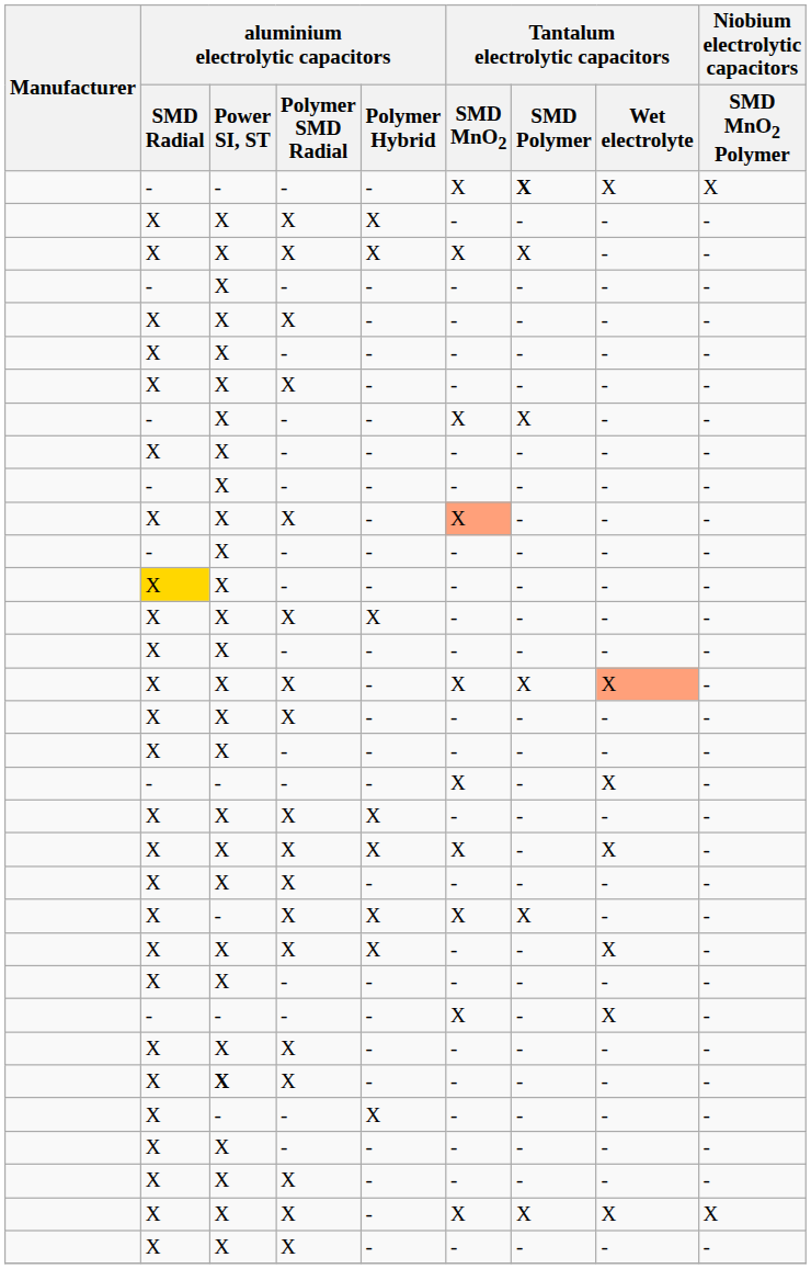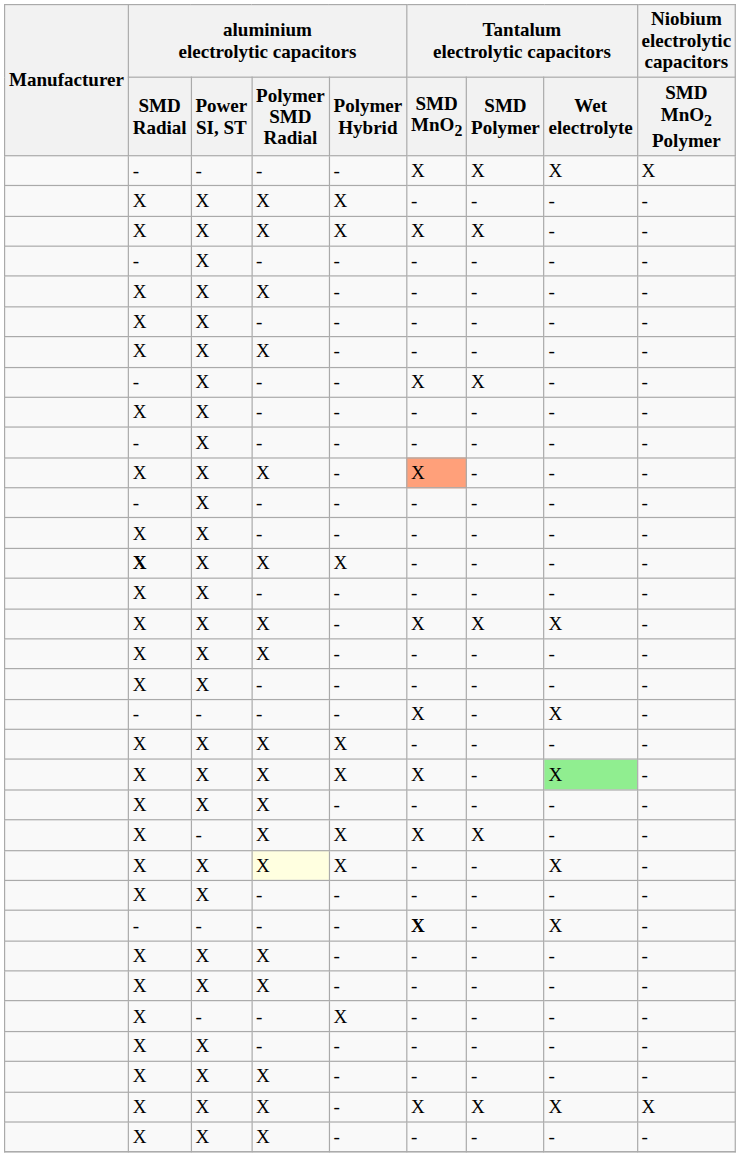 <table class="wikitable">
 <tr class="hintergrundfarbe6" style="text-align:center">
 <th rowspan="2">Manufacturer</th>
 <th colspan="4">aluminium<br> electrolytic capacitors</th>
 <th colspan="3">Tantalum <br> electrolytic capacitors</th>
 <th colspan="1">Niobium <br> electrolytic <br>capacitors</th>
 </tr>
 <tr class="hintergrundfarbe6" style="text-align:center">
 <th>SMD<br>Radial</th>
 <th>Power<br>SI, ST</th>
 <th>Polymer<br>SMD<br>Radial</th>
 <th>Polymer<br>Hybrid</th>
 <th>SMD<br>MnO<sub>2</sub></th>
 <th>SMD<br>Polymer</th>
 <th>Wet<br>electrolyte</th>
 <th>SMD<br> MnO<sub>2</sub><br>Polymer</th>
 </tr>
 <tr>
 <td style="text-align:left"></td>
 <td>-</td>
 <td>-</td>
 <td>-</td>
 <td>-</td>
 <td>X</td>
-<td><strong>X</strong></td>
+<td>X</td>
 <td>X</td>
 <td>X</td>
 </tr>
 <tr>
 <td style="text-align:left"></td>
 <td>X</td>
 <td>X</td>
 <td>X</td>
 <td>X</td>
 <td>-</td>
 <td>-</td>
 <td>-</td>
 <td>-</td>
 </tr>
 <tr>
 <td style="text-align:left"></td>
 <td>X</td>
 <td>X</td>
 <td>X</td>
 <td>X</td>
 <td>X</td>
 <td>X</td>
 <td>-</td>
 <td>-</td>
 </tr>
 <tr>
 <td style="text-align:left"></td>
 <td>-</td>
 <td>X</td>
 <td>-</td>
 <td>-</td>
 <td>-</td>
 <td>-</td>
 <td>-</td>
 <td>-</td>
 </tr>
 <tr>
 <td></td>
 <td>X</td>
 <td>X</td>
 <td>X</td>
 <td>-</td>
 <td>-</td>
 <td>-</td>
 <td>-</td>
 <td>-</td>
 </tr>
 <tr>
 <td style="text-align:left"> </td>
 <td>X</td>
 <td>X</td>
 <td>-</td>
 <td>-</td>
 <td>-</td>
 <td>-</td>
 <td>-</td>
 <td>-</td>
 </tr>
 <tr>
 <td style="text-align:left"> </td>
 <td>X</td>
 <td>X</td>
 <td>X</td>
 <td>-</td>
 <td>-</td>
 <td>-</td>
 <td>-</td>
 <td>-</td>
 </tr>
 <tr>
 <td style="text-align:left"></td>
 <td>-</td>
 <td>X</td>
 <td>-</td>
 <td>-</td>
 <td>X</td>
 <td>X</td>
 <td>-</td>
 <td>-</td>
 </tr>
 <tr>
 <td style="text-align:left"></td>
 <td>X</td>
 <td>X</td>
 <td>-</td>
 <td>-</td>
 <td>-</td>
 <td>-</td>
 <td>-</td>
 <td>-</td>
 </tr>
 <tr>
 <td style="text-align:left"></td>
 <td>-</td>
 <td>X</td>
 <td>-</td>
 <td>-</td>
 <td>-</td>
 <td>-</td>
 <td>-</td>
 <td>-</td>
 </tr>
 <tr>
 <td style="text-align:left"></td>
 <td>X</td>
 <td>X</td>
 <td>X</td>
 <td>-</td>
 <td style="background: lightsalmon;">X</td>
 <td>-</td>
 <td>-</td>
 <td>-</td>
 </tr>
 <tr>
 <td style="text-align:left"></td>
 <td>-</td>
 <td>X</td>
 <td>-</td>
 <td>-</td>
 <td>-</td>
 <td>-</td>
 <td>-</td>
 <td>-</td>
 </tr>
 <tr>
 <td style="text-align:left"></td>
-<td style="background: gold;">X</td>
+<td>X</td>
 <td>X</td>
 <td>-</td>
 <td>-</td>
 <td>-</td>
 <td>-</td>
 <td>-</td>
 <td>-</td>
 </tr>
 <tr>
 <td style="text-align:left"></td>
-<td>X</td>
+<td><strong>X</strong></td>
 <td>X</td>
 <td>X</td>
 <td>X</td>
 <td>-</td>
 <td>-</td>
 <td>-</td>
 <td>-</td>
 </tr>
 <tr>
 <td style="text-align:left"></td>
 <td>X</td>
 <td>X</td>
 <td>-</td>
 <td>-</td>
 <td>-</td>
 <td>-</td>
 <td>-</td>
 <td>-</td>
 </tr>
 <tr>
 <td style="text-align:left"> </td>
 <td>X</td>
 <td>X</td>
 <td>X</td>
 <td>-</td>
 <td>X</td>
 <td>X</td>
-<td style="background: lightsalmon;">X</td>
+<td>X</td>
 <td>-</td>
 </tr>
 <tr>
 <td style="text-align:left"></td>
 <td>X</td>
 <td>X</td>
 <td>X</td>
 <td>-</td>
 <td>-</td>
 <td>-</td>
 <td>-</td>
 <td>-</td>
 </tr>
 <tr>
 <td style="text-align:left"></td>
 <td>X</td>
 <td>X</td>
 <td>-</td>
 <td>-</td>
 <td>-</td>
 <td>-</td>
 <td>-</td>
 <td>-</td>
 </tr>
 <tr>
 <td style="text-align:left"></td>
 <td>-</td>
 <td>-</td>
 <td>-</td>
 <td>-</td>
 <td>X</td>
 <td>-</td>
 <td>X</td>
 <td>-</td>
 </tr>
 <tr>
 <td style="text-align:left"></td>
 <td>X</td>
 <td>X</td>
 <td>X</td>
 <td>X</td>
 <td>-</td>
 <td>-</td>
 <td>-</td>
 <td>-</td>
 </tr>
 <tr>
 <td style="text-align:left"> </td>
 <td>X</td>
 <td>X</td>
 <td>X</td>
 <td>X</td>
 <td>X</td>
 <td>-</td>
-<td>X</td>
+<td style="background: lightgreen;">X</td>
 <td>-</td>
 </tr>
 <tr>
 <td style="text-align:left"> </td>
 <td>X</td>
 <td>X</td>
 <td>X</td>
 <td>-</td>
 <td>-</td>
 <td>-</td>
 <td>-</td>
 <td>-</td>
 </tr>
 <tr>
 <td></td>
 <td>X</td>
 <td>-</td>
 <td>X</td>
 <td>X</td>
 <td>X</td>
 <td>X</td>
 <td>-</td>
 <td>-</td>
 </tr>
 <tr>
 <td style="text-align:left"></td>
 <td>X</td>
 <td>X</td>
-<td>X</td>
+<td style="background: lightyellow;">X</td>
 <td>X</td>
 <td>-</td>
 <td>-</td>
 <td>X</td>
 <td>-</td>
 </tr>
 <tr>
 <td style="text-align:left"></td>
 <td>X</td>
 <td>X</td>
 <td>-</td>
 <td>-</td>
 <td>-</td>
 <td>-</td>
 <td>-</td>
 <td>-</td>
 </tr>
 <tr>
 <td style="text-align:left"></td>
 <td>-</td>
 <td>-</td>
 <td>-</td>
 <td>-</td>
-<td>X</td>
+<td><strong>X</strong></td>
 <td>-</td>
 <td>X</td>
 <td>-</td>
 </tr>
 <tr>
 <td style="text-align:left"></td>
 <td>X</td>
 <td>X</td>
 <td>X</td>
 <td>-</td>
 <td>-</td>
 <td>-</td>
 <td>-</td>
 <td>-</td>
 </tr>
 <tr>
 <td style="text-align:left"></td>
 <td>X</td>
-<td><strong>X</strong></td>
+<td>X</td>
 <td>X</td>
 <td>-</td>
 <td>-</td>
 <td>-</td>
 <td>-</td>
 <td>-</td>
 </tr>
 <tr>
 <td style="text-align:left"></td>
 <td>X</td>
 <td>-</td>
 <td>-</td>
 <td>X</td>
 <td>-</td>
 <td>-</td>
 <td>-</td>
 <td>-</td>
 </tr>
 <tr>
 <td style="text-align:left"></td>
 <td>X</td>
 <td>X</td>
 <td>-</td>
 <td>-</td>
 <td>-</td>
 <td>-</td>
 <td>-</td>
 <td>-</td>
 </tr>
 <tr>
 <td style="text-align:left"> </td>
 <td>X</td>
 <td>X</td>
 <td>X</td>
 <td>-</td>
 <td>-</td>
 <td>-</td>
 <td>-</td>
 <td>-</td>
 </tr>
 <tr>
 <td style="text-align:left"></td>
 <td>X</td>
 <td>X</td>
 <td>X</td>
 <td>-</td>
 <td>X</td>
 <td>X</td>
 <td>X</td>
 <td>X</td>
 </tr>
 <tr>
 <td style="text-align:left"></td>
 <td>X</td>
 <td>X</td>
 <td>X</td>
 <td>-</td>
 <td>-</td>
 <td>-</td>
 <td>-</td>
 <td>-</td>
 </tr>
 <tr>
 </tr>
 </table>
